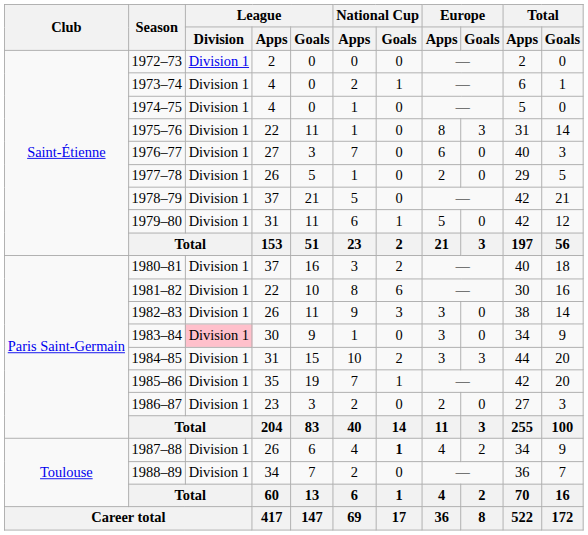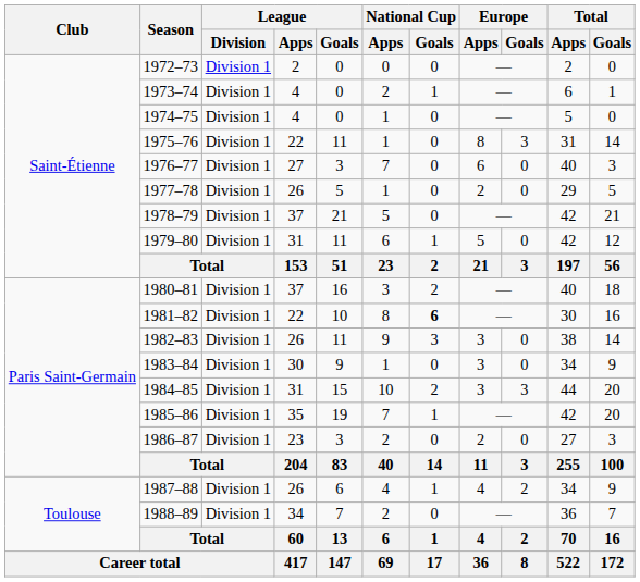 <table class="wikitable" style="text-align:center">
 <tr>
 <th rowspan="2">Club</th>
 <th rowspan="2">Season</th>
 <th colspan="3">League</th>
 <th colspan="2">National Cup</th>
 <th colspan="2">Europe</th>
 <th colspan="2">Total</th>
 </tr>
 <tr>
 <th>Division</th>
 <th>Apps</th>
 <th>Goals</th>
 <th>Apps</th>
 <th>Goals</th>
 <th>Apps</th>
 <th>Goals</th>
 <th>Apps</th>
 <th>Goals</th>
 </tr>
 <tr>
 <td rowspan="9"><a href='#'>Saint-Étienne</a></td>
 <td>1972–73</td>
 <td><a href='#'>Division 1</a></td>
 <td>2</td>
 <td>0</td>
 <td>0</td>
 <td>0</td>
 <td colspan="2">—</td>
 <td>2</td>
 <td>0</td>
 </tr>
 <tr>
 <td>1973–74</td>
 <td>Division 1</td>
 <td>4</td>
 <td>0</td>
 <td>2</td>
 <td>1</td>
 <td colspan="2">—</td>
 <td>6</td>
 <td>1</td>
 </tr>
 <tr>
 <td>1974–75</td>
 <td>Division 1</td>
 <td>4</td>
 <td>0</td>
 <td>1</td>
 <td>0</td>
 <td colspan="2">—</td>
 <td>5</td>
 <td>0</td>
 </tr>
 <tr>
 <td>1975–76</td>
 <td>Division 1</td>
 <td>22</td>
 <td>11</td>
 <td>1</td>
 <td>0</td>
 <td>8</td>
 <td>3</td>
 <td>31</td>
 <td>14</td>
 </tr>
 <tr>
 <td>1976–77</td>
 <td>Division 1</td>
 <td>27</td>
 <td>3</td>
 <td>7</td>
 <td>0</td>
 <td>6</td>
 <td>0</td>
 <td>40</td>
 <td>3</td>
 </tr>
 <tr>
 <td>1977–78</td>
 <td>Division 1</td>
 <td>26</td>
 <td>5</td>
 <td>1</td>
 <td>0</td>
 <td>2</td>
 <td>0</td>
 <td>29</td>
 <td>5</td>
 </tr>
 <tr>
 <td>1978–79</td>
 <td>Division 1</td>
 <td>37</td>
 <td>21</td>
 <td>5</td>
 <td>0</td>
 <td colspan="2">—</td>
 <td>42</td>
 <td>21</td>
 </tr>
 <tr>
 <td>1979–80</td>
 <td>Division 1</td>
 <td>31</td>
 <td>11</td>
 <td>6</td>
 <td>1</td>
 <td>5</td>
 <td>0</td>
 <td>42</td>
 <td>12</td>
 </tr>
 <tr>
 <th colspan="2">Total</th>
 <th>153</th>
 <th>51</th>
 <th>23</th>
 <th>2</th>
 <th>21</th>
 <th>3</th>
 <th>197</th>
 <th>56</th>
 </tr>
 <tr>
 <td rowspan="8"><a href='#'>Paris Saint-Germain</a></td>
 <td>1980–81</td>
 <td>Division 1</td>
 <td>37</td>
 <td>16</td>
 <td>3</td>
 <td>2</td>
 <td colspan="2">—</td>
 <td>40</td>
 <td>18</td>
 </tr>
 <tr>
 <td>1981–82</td>
 <td>Division 1</td>
 <td>22</td>
 <td>10</td>
 <td>8</td>
-<td>6</td>
+<td><strong>6</strong></td>
 <td colspan="2">—</td>
 <td>30</td>
 <td>16</td>
 </tr>
 <tr>
 <td>1982–83</td>
 <td>Division 1</td>
 <td>26</td>
 <td>11</td>
 <td>9</td>
 <td>3</td>
 <td>3</td>
 <td>0</td>
 <td>38</td>
 <td>14</td>
 </tr>
 <tr>
 <td>1983–84</td>
-<td style="background: pink;">Division 1</td>
+<td>Division 1</td>
 <td>30</td>
 <td>9</td>
 <td>1</td>
 <td>0</td>
 <td>3</td>
 <td>0</td>
 <td>34</td>
 <td>9</td>
 </tr>
 <tr>
 <td>1984–85</td>
 <td>Division 1</td>
 <td>31</td>
 <td>15</td>
 <td>10</td>
 <td>2</td>
 <td>3</td>
 <td>3</td>
 <td>44</td>
 <td>20</td>
 </tr>
 <tr>
 <td>1985–86</td>
 <td>Division 1</td>
 <td>35</td>
 <td>19</td>
 <td>7</td>
 <td>1</td>
 <td colspan="2">—</td>
 <td>42</td>
 <td>20</td>
 </tr>
 <tr>
 <td>1986–87</td>
 <td>Division 1</td>
 <td>23</td>
 <td>3</td>
 <td>2</td>
 <td>0</td>
 <td>2</td>
 <td>0</td>
 <td>27</td>
 <td>3</td>
 </tr>
 <tr>
 <th colspan="2">Total</th>
 <th>204</th>
 <th>83</th>
 <th>40</th>
 <th>14</th>
 <th>11</th>
 <th>3</th>
 <th>255</th>
 <th>100</th>
 </tr>
 <tr>
 <td rowspan="3"><a href='#'>Toulouse</a></td>
 <td>1987–88</td>
 <td>Division 1</td>
 <td>26</td>
 <td>6</td>
 <td>4</td>
-<td><strong>1</strong></td>
+<td>1</td>
 <td>4</td>
 <td>2</td>
 <td>34</td>
 <td>9</td>
 </tr>
 <tr>
 <td>1988–89</td>
 <td>Division 1</td>
 <td>34</td>
 <td>7</td>
 <td>2</td>
 <td>0</td>
 <td colspan="2">—</td>
 <td>36</td>
 <td>7</td>
 </tr>
 <tr>
 <th colspan="2">Total</th>
 <th>60</th>
 <th>13</th>
 <th>6</th>
 <th>1</th>
 <th>4</th>
 <th>2</th>
 <th>70</th>
 <th>16</th>
 </tr>
 <tr>
 <th colspan="3">Career total</th>
 <th>417</th>
 <th>147</th>
 <th>69</th>
 <th>17</th>
 <th>36</th>
 <th>8</th>
 <th>522</th>
 <th>172</th>
 </tr>
 </table>
